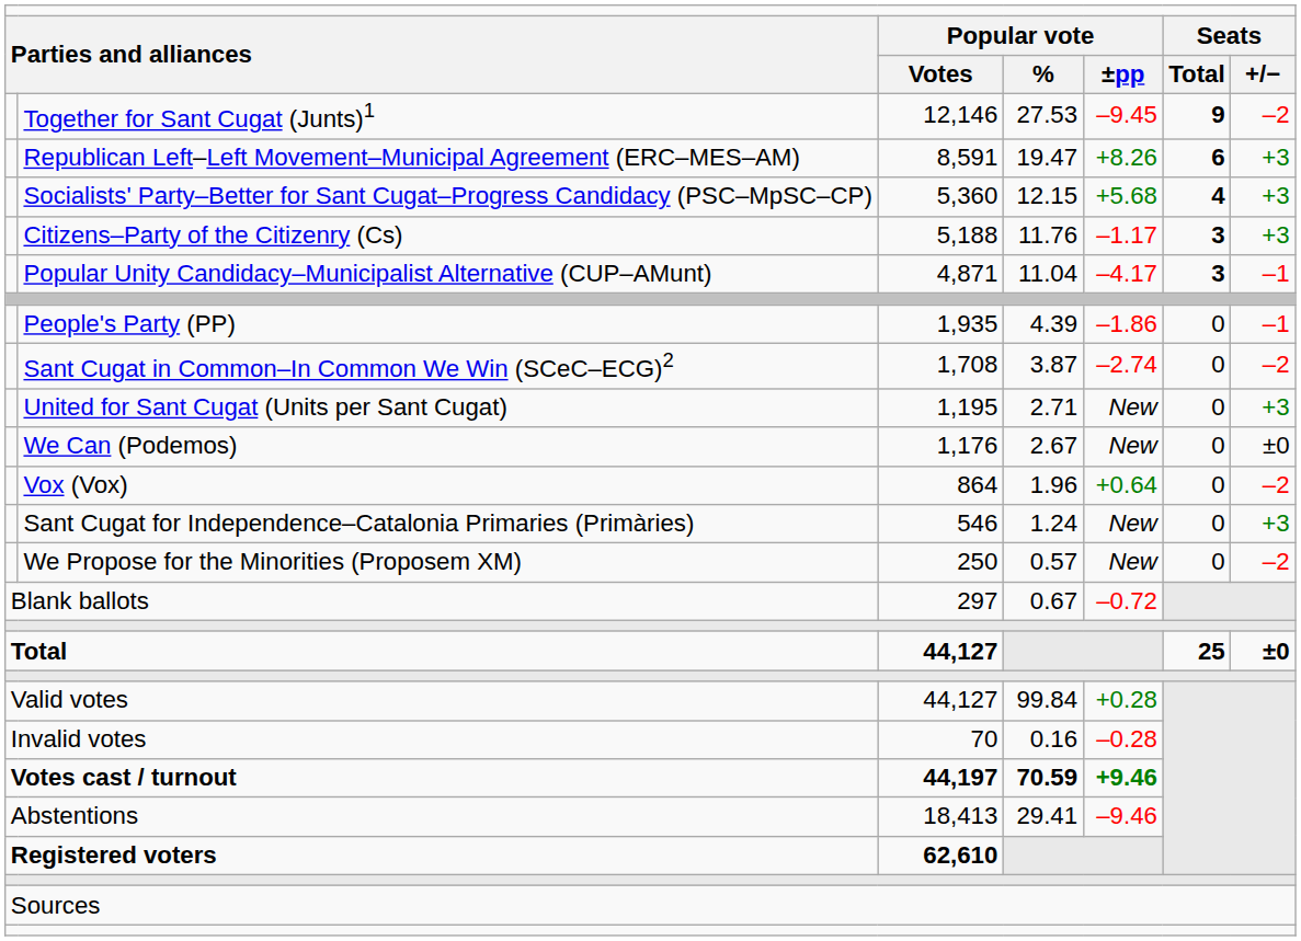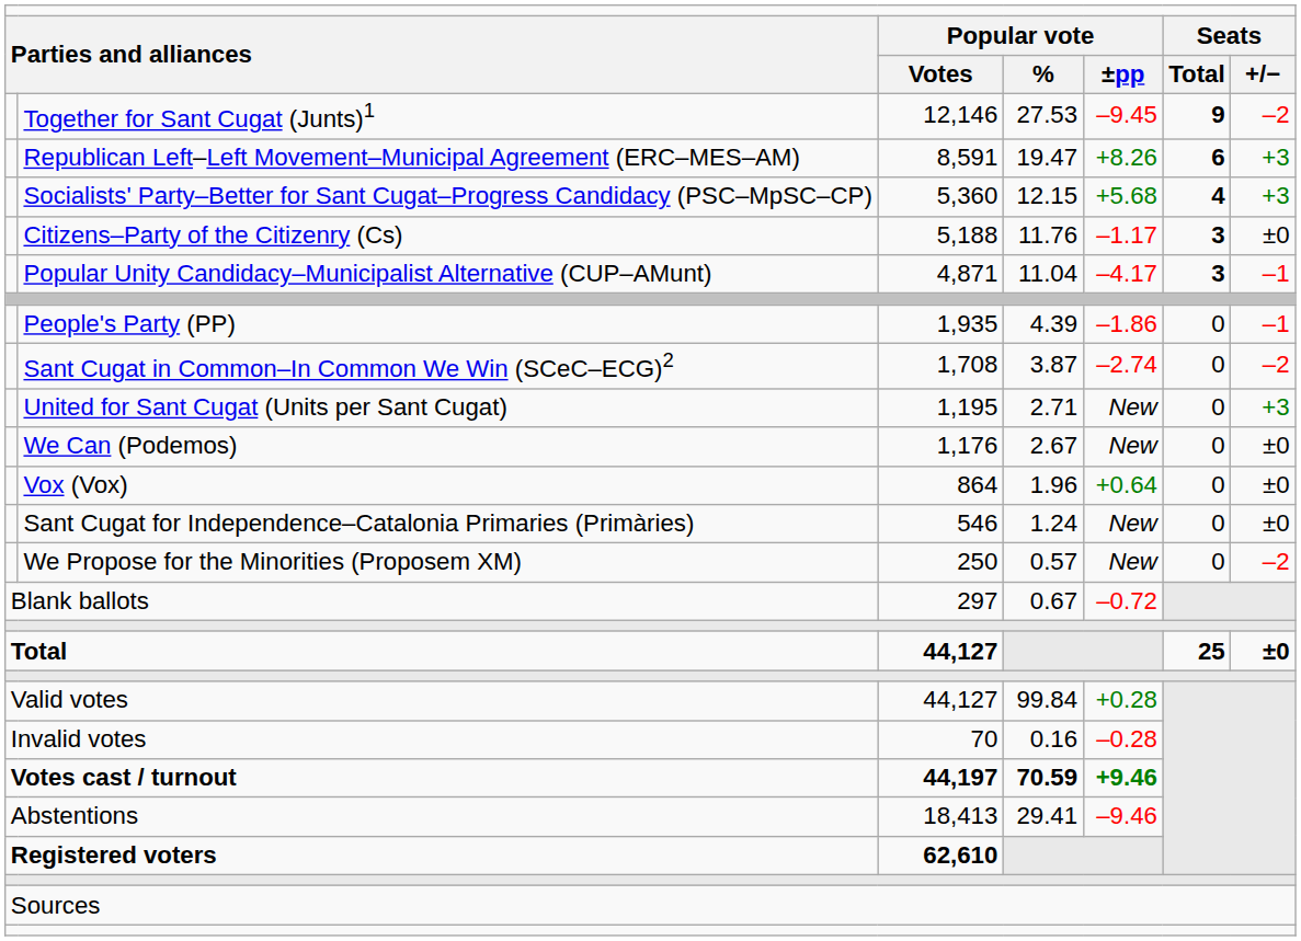 <table class="wikitable" style="text-align:right;">
 <tr>
 <td colspan="7"></td>
 </tr>
 <tr>
 <th style="text-align:left;" rowspan="2" colspan="2" width="525">Parties and alliances</th>
 <th colspan="3">Popular vote</th>
 <th colspan="2">Seats</th>
 </tr>
 <tr>
 <th width="75">Votes</th>
 <th width="45">%</th>
 <th width="45">±<a href='#'>pp</a></th>
 <th width="35">Total</th>
 <th width="35">+/−</th>
 </tr>
 <tr>
 <td width="1" style="color:inherit;background:"></td>
 <td align="left"><a href='#'>Together for Sant Cugat</a> (Junts)<sup>1</sup></td>
 <td>12,146</td>
 <td>27.53</td>
 <td style="color:red;">–9.45</td>
 <td><strong>9</strong></td>
 <td style="color:red;">–2</td>
 </tr>
 <tr>
 <td style="color:inherit;background:"></td>
 <td align="left"><a href='#'>Republican Left</a>–<a href='#'>Left Movement–Municipal Agreement</a> (ERC–MES–AM)</td>
 <td>8,591</td>
 <td>19.47</td>
 <td style="color:green;">+8.26</td>
 <td><strong>6</strong></td>
 <td style="color:green;">+3</td>
 </tr>
 <tr>
 <td style="color:inherit;background:"></td>
 <td align="left"><a href='#'>Socialists' Party–Better for Sant Cugat–Progress Candidacy</a> (PSC–MpSC–CP)</td>
 <td>5,360</td>
 <td>12.15</td>
 <td style="color:green;">+5.68</td>
 <td><strong>4</strong></td>
 <td style="color:green;">+3</td>
 </tr>
 <tr>
 <td style="color:inherit;background:"></td>
 <td align="left"><a href='#'>Citizens–Party of the Citizenry</a> (Cs)</td>
 <td>5,188</td>
 <td>11.76</td>
 <td style="color:red;">–1.17</td>
 <td><strong>3</strong></td>
-<td style="color:green;">+3</td>
+<td>±0</td>
 </tr>
 <tr>
 <td style="color:inherit;background:"></td>
 <td align="left"><a href='#'>Popular Unity Candidacy–Municipalist Alternative</a> (CUP–AMunt)</td>
 <td>4,871</td>
 <td>11.04</td>
 <td style="color:red;">–4.17</td>
 <td><strong>3</strong></td>
 <td style="color:red;">–1</td>
 </tr>
 <tr>
 <td colspan="7" bgcolor="#C0C0C0"></td>
 </tr>
 <tr>
 <td style="color:inherit;background:"></td>
 <td align="left"><a href='#'>People's Party</a> (PP)</td>
 <td>1,935</td>
 <td>4.39</td>
 <td style="color:red;">–1.86</td>
 <td>0</td>
 <td style="color:red;">–1</td>
 </tr>
 <tr>
 <td style="color:inherit;background:"></td>
 <td align="left"><a href='#'>Sant Cugat in Common–In Common We Win</a> (SCeC–ECG)<sup>2</sup></td>
 <td>1,708</td>
 <td>3.87</td>
 <td style="color:red;">–2.74</td>
 <td>0</td>
 <td style="color:red;">–2</td>
 </tr>
 <tr>
 <td style="color:inherit;background:"></td>
 <td align="left"><a href='#'>United for Sant Cugat</a> (Units per Sant Cugat)</td>
 <td>1,195</td>
 <td>2.71</td>
 <td><em>New</em></td>
 <td>0</td>
 <td style="color:green;">+3</td>
 </tr>
 <tr>
 <td style="color:inherit;background:"></td>
 <td align="left"><a href='#'>We Can</a> (Podemos)</td>
 <td>1,176</td>
 <td>2.67</td>
 <td><em>New</em></td>
 <td>0</td>
 <td>±0</td>
 </tr>
 <tr>
 <td style="color:inherit;background:"></td>
 <td align="left"><a href='#'>Vox</a> (Vox)</td>
 <td>864</td>
 <td>1.96</td>
 <td style="color:green;">+0.64</td>
 <td>0</td>
-<td style="color:red;">–2</td>
+<td>±0</td>
 </tr>
 <tr>
 <td style="color:inherit;background:"></td>
 <td align="left">Sant Cugat for Independence–Catalonia Primaries (Primàries)</td>
 <td>546</td>
 <td>1.24</td>
 <td><em>New</em></td>
 <td>0</td>
-<td style="color:green;">+3</td>
+<td>±0</td>
 </tr>
 <tr>
 <td style="color:inherit;background:"></td>
 <td align="left">We Propose for the Minorities (Proposem XM)</td>
 <td>250</td>
 <td>0.57</td>
 <td><em>New</em></td>
 <td>0</td>
 <td style="color:red;">–2</td>
 </tr>
 <tr>
 <td align="left" colspan="2">Blank ballots</td>
 <td>297</td>
 <td>0.67</td>
 <td style="color:red;">–0.72</td>
 <td bgcolor="#E9E9E9" colspan="2"></td>
 </tr>
 <tr>
 <td colspan="7" bgcolor="#E9E9E9"></td>
 </tr>
 <tr style="font-weight:bold;">
 <td align="left" colspan="2">Total</td>
 <td>44,127</td>
 <td bgcolor="#E9E9E9" colspan="2"></td>
 <td>25</td>
 <td>±0</td>
 </tr>
 <tr>
 <td colspan="7" bgcolor="#E9E9E9"></td>
 </tr>
 <tr>
 <td align="left" colspan="2">Valid votes</td>
 <td>44,127</td>
 <td>99.84</td>
 <td style="color:green;">+0.28</td>
 <td bgcolor="#E9E9E9" colspan="2" rowspan="5"></td>
 </tr>
 <tr>
 <td align="left" colspan="2">Invalid votes</td>
 <td>70</td>
 <td>0.16</td>
 <td style="color:red;">–0.28</td>
 </tr>
 <tr style="font-weight:bold;">
 <td align="left" colspan="2">Votes cast / turnout</td>
 <td>44,197</td>
 <td>70.59</td>
 <td style="color:green;">+9.46</td>
 </tr>
 <tr>
 <td align="left" colspan="2">Abstentions</td>
 <td>18,413</td>
 <td>29.41</td>
 <td style="color:red;">–9.46</td>
 </tr>
 <tr style="font-weight:bold;">
 <td align="left" colspan="2">Registered voters</td>
 <td>62,610</td>
 <td bgcolor="#E9E9E9" colspan="2"></td>
 </tr>
 <tr>
 <td colspan="7" bgcolor="#E9E9E9"></td>
 </tr>
 <tr>
 <td align="left" colspan="7">Sources</td>
 </tr>
 <tr>
 <td colspan="7" style="text-align:left; max-width:790px;"></td>
 </tr>
 </table>
